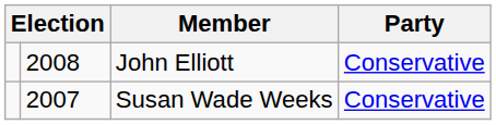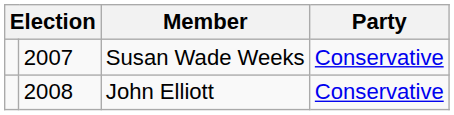 <table class="wikitable">
 <tr>
 <th colspan="2">Election</th>
 <th>Member</th>
 <th>Party</th>
 </tr>
 <tr>
 <td style="background-color: "></td>
+<td>2007</td>
+<td>Susan Wade Weeks</td>
+<td><a href='#'>Conservative</a></td>
+</tr>
+<tr>
+<td style="background-color: "></td>
 <td>2008</td>
 <td>John Elliott</td>
 <td><a href='#'>Conservative</a></td>
 </tr>
-<tr>
-<td style="background-color: "></td>
-<td>2007</td>
-<td>Susan Wade Weeks</td>
-<td><a href='#'>Conservative</a></td>
-</tr>
 </table>
